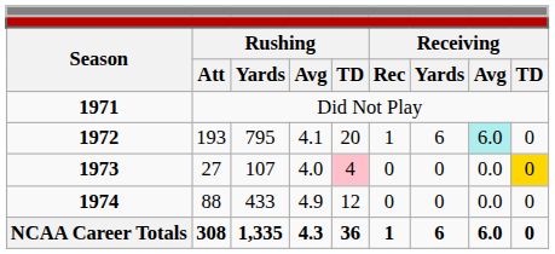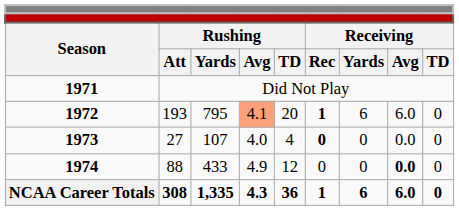 <table class=wikitable style="text-align:center;">
 <tr>
 <td ! colspan="12" style="background:gray; border:2px solid silver; color:white;"></td>
 </tr>
 <tr>
 <td ! colspan="12" style="background:#b00; border:2px solid #666; color:#fff;"></td>
 </tr>
 <tr>
 <th rowspan=2>Season</th>
 <th colspan=4>Rushing</th>
 <th colspan=4>Receiving</th>
 </tr>
 <tr>
 <th>Att</th>
 <th>Yards</th>
 <th>Avg</th>
 <th>TD</th>
 <th>Rec</th>
 <th>Yards</th>
 <th>Avg</th>
 <th>TD</th>
 </tr>
 <tr>
 <td><strong>1971</strong></td>
 <td colspan=8 style="text-align:center;">Did Not Play</td>
 </tr>
 <tr>
 <td><strong>1972</strong></td>
 <td>193</td>
 <td>795</td>
-<td>4.1</td>
+<td style="background: lightsalmon;">4.1</td>
 <td>20</td>
-<td>1</td>
+<td><strong>1</strong></td>
 <td>6</td>
-<td style="background: paleturquoise;">6.0</td>
+<td>6.0</td>
 <td>0</td>
 </tr>
 <tr>
 <td><strong>1973</strong></td>
 <td>27</td>
 <td>107</td>
 <td>4.0</td>
-<td style="background: pink;">4</td>
-<td>0</td>
+<td>4</td>
+<td><strong>0</strong></td>
 <td>0</td>
 <td>0.0</td>
-<td style="background: gold;">0</td>
+<td>0</td>
 </tr>
 <tr>
 <td><strong>1974</strong></td>
 <td>88</td>
 <td>433</td>
 <td>4.9</td>
 <td>12</td>
 <td>0</td>
 <td>0</td>
-<td>0.0</td>
+<td><strong>0.0</strong></td>
 <td>0</td>
 </tr>
 <tr>
 <th>NCAA Career Totals</th>
 <td><strong>308</strong></td>
 <td><strong>1,335</strong></td>
 <td><strong>4.3</strong></td>
 <td><strong>36</strong></td>
 <td><strong>1</strong></td>
 <td><strong>6</strong></td>
 <td><strong>6.0</strong></td>
 <td><strong>0</strong></td>
 </tr>
 </table>
